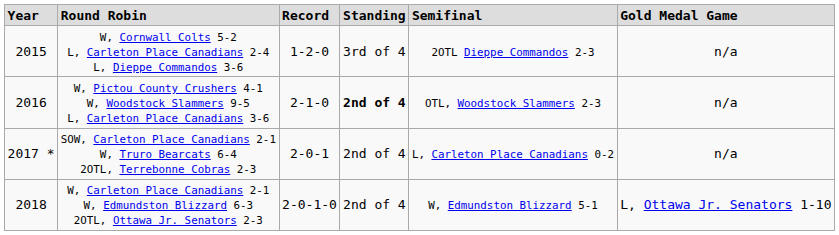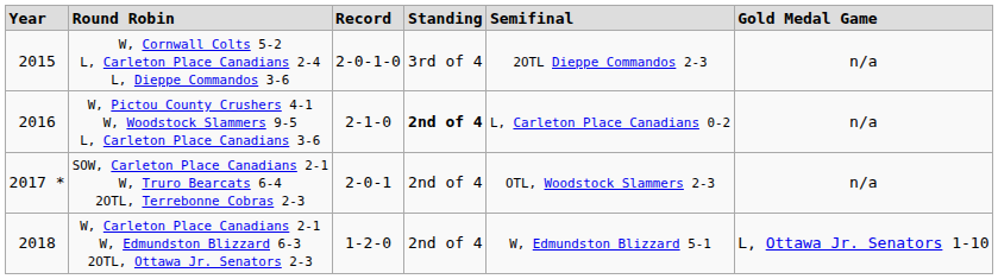 <table class="wikitable">
 <tr style="font-weight:bold; background-color:#dddddd;" |>
 <td>Year</td>
 <td>Round Robin</td>
 <td>Record</td>
 <td>Standing</td>
 <td>Semifinal</td>
 <td>Gold Medal Game</td>
 </tr>
 <tr align=center>
 <td>2015</td>
 <td><small>W, <a href='#'>Cornwall Colts</a> 5-2<br>L, <a href='#'>Carleton Place Canadians</a> 2-4<br>L, <a href='#'>Dieppe Commandos</a> 3-6</small></td>
-<td>1-2-0</td>
+<td>2-0-1-0</td>
 <td>3rd of 4</td>
 <td><small>2OTL <a href='#'>Dieppe Commandos</a> 2-3</small></td>
 <td>n/a</td>
 </tr>
 <tr align=center>
 <td>2016</td>
 <td><small>W, <a href='#'>Pictou County Crushers</a> 4-1<br>W, <a href='#'>Woodstock Slammers</a> 9-5<br>L, <a href='#'>Carleton Place Canadians</a> 3-6</small></td>
 <td>2-1-0</td>
 <td><strong>2nd of 4</strong></td>
-<td><small>OTL, <a href='#'>Woodstock Slammers</a> 2-3</small></td>
+<td><small>L, <a href='#'>Carleton Place Canadians</a> 0-2</small></td>
 <td>n/a</td>
 </tr>
 <tr align=center>
 <td>2017 *</td>
 <td><small>SOW, <a href='#'>Carleton Place Canadians</a> 2-1<br>W, <a href='#'>Truro Bearcats</a> 6-4<br>2OTL, <a href='#'>Terrebonne Cobras</a> 2-3</small></td>
 <td>2-0-1</td>
 <td>2nd of 4</td>
-<td><small>L, <a href='#'>Carleton Place Canadians</a> 0-2</small></td>
+<td><small>OTL, <a href='#'>Woodstock Slammers</a> 2-3</small></td>
 <td>n/a</td>
 </tr>
 <tr align=center>
 <td>2018</td>
 <td><small>W, <a href='#'>Carleton Place Canadians</a> 2-1<br>W, <a href='#'>Edmundston Blizzard</a> 6-3<br>2OTL, <a href='#'>Ottawa Jr. Senators</a> 2-3</small></td>
-<td>2-0-1-0</td>
+<td>1-2-0</td>
 <td>2nd of 4</td>
 <td><small>W, <a href='#'>Edmundston Blizzard</a> 5-1</small></td>
 <td>L, <a href='#'>Ottawa Jr. Senators</a> 1-10</td>
 </tr>
 </table>
